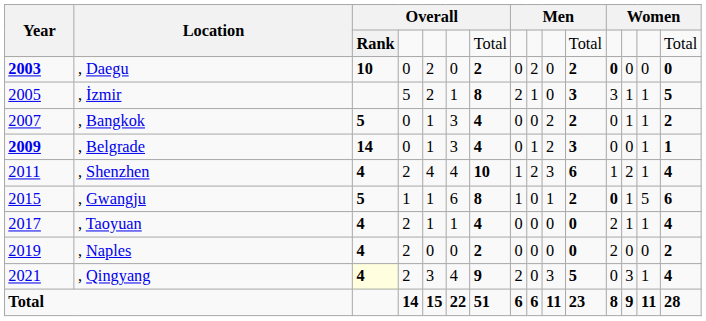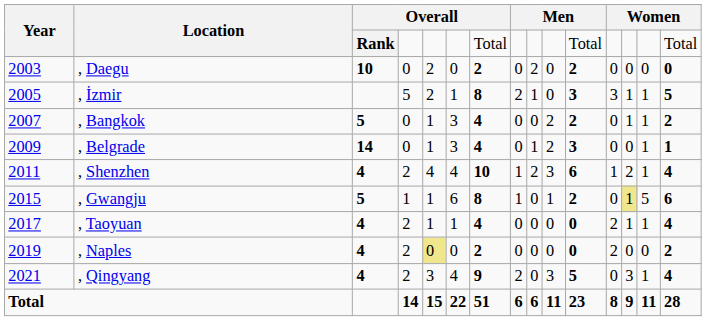 <table class="wikitable">
 <tr>
 <th rowspan=2 width="10%">Year</th>
 <th rowspan=2 width="40%">Location</th>
 <th colspan=5>Overall</th>
 <th colspan=4>Men</th>
 <th colspan=4>Women</th>
 </tr>
 <tr>
 <th>Rank</th>
 <td></td>
 <td></td>
 <td></td>
 <td>Total</td>
 <td></td>
 <td></td>
 <td></td>
 <td>Total</td>
 <td></td>
 <td></td>
 <td></td>
 <td>Total</td>
 </tr>
 <tr>
-<td><strong><a href='#'>2003</a></strong></td>
+<td><a href='#'>2003</a></td>
 <td>, <a href='#'>Daegu</a></td>
 <td><strong>10</strong></td>
 <td>0</td>
 <td>2</td>
 <td>0</td>
 <td><strong>2</strong></td>
 <td>0</td>
 <td>2</td>
 <td>0</td>
 <td><strong>2</strong></td>
-<td><strong>0</strong></td>
+<td>0</td>
 <td>0</td>
 <td>0</td>
 <td><strong>0</strong></td>
 </tr>
 <tr>
 <td><a href='#'>2005</a></td>
 <td>, <a href='#'>İzmir</a></td>
 <td></td>
 <td>5</td>
 <td>2</td>
 <td>1</td>
 <td><strong>8</strong></td>
 <td>2</td>
 <td>1</td>
 <td>0</td>
 <td><strong>3</strong></td>
 <td>3</td>
 <td>1</td>
 <td>1</td>
 <td><strong>5</strong></td>
 </tr>
 <tr>
 <td><a href='#'>2007</a></td>
 <td>, <a href='#'>Bangkok</a></td>
 <td><strong>5</strong></td>
 <td>0</td>
 <td>1</td>
 <td>3</td>
 <td><strong>4</strong></td>
 <td>0</td>
 <td>0</td>
 <td>2</td>
 <td><strong>2</strong></td>
 <td>0</td>
 <td>1</td>
 <td>1</td>
 <td><strong>2</strong></td>
 </tr>
 <tr>
-<td><strong><a href='#'>2009</a></strong></td>
+<td><a href='#'>2009</a></td>
 <td>, <a href='#'>Belgrade</a></td>
 <td><strong>14</strong></td>
 <td>0</td>
 <td>1</td>
 <td>3</td>
 <td><strong>4</strong></td>
 <td>0</td>
 <td>1</td>
 <td>2</td>
 <td><strong>3</strong></td>
 <td>0</td>
 <td>0</td>
 <td>1</td>
 <td><strong>1</strong></td>
 </tr>
 <tr>
 <td><a href='#'>2011</a></td>
 <td>, <a href='#'>Shenzhen</a></td>
 <td><strong>4</strong></td>
 <td>2</td>
 <td>4</td>
 <td>4</td>
 <td><strong>10</strong></td>
 <td>1</td>
 <td>2</td>
 <td>3</td>
 <td><strong>6</strong></td>
 <td>1</td>
 <td>2</td>
 <td>1</td>
 <td><strong>4</strong></td>
 </tr>
 <tr>
 <td><a href='#'>2015</a></td>
 <td>, <a href='#'>Gwangju</a></td>
 <td><strong>5</strong></td>
 <td>1</td>
 <td>1</td>
 <td>6</td>
 <td><strong>8</strong></td>
 <td>1</td>
 <td>0</td>
 <td>1</td>
 <td><strong>2</strong></td>
-<td><strong>0</strong></td>
-<td>1</td>
+<td>0</td>
+<td style="background: khaki;">1</td>
 <td>5</td>
 <td><strong>6</strong></td>
 </tr>
 <tr>
 <td><a href='#'>2017</a></td>
 <td>, <a href='#'>Taoyuan</a></td>
 <td><strong>4</strong></td>
 <td>2</td>
 <td>1</td>
 <td>1</td>
 <td><strong>4</strong></td>
 <td>0</td>
 <td>0</td>
 <td>0</td>
 <td><strong>0</strong></td>
 <td>2</td>
 <td>1</td>
 <td>1</td>
 <td><strong>4</strong></td>
 </tr>
 <tr>
 <td><a href='#'>2019</a></td>
 <td>, <a href='#'>Naples</a></td>
 <td><strong>4</strong></td>
 <td>2</td>
-<td>0</td>
+<td style="background: khaki;">0</td>
 <td>0</td>
 <td><strong>2</strong></td>
 <td>0</td>
 <td>0</td>
 <td>0</td>
 <td><strong>0</strong></td>
 <td>2</td>
 <td>0</td>
 <td>0</td>
 <td><strong>2</strong></td>
 </tr>
 <tr>
 <td><a href='#'>2021</a></td>
 <td>, <a href='#'>Qingyang</a></td>
-<td style="background: lightyellow;"><strong>4</strong></td>
+<td><strong>4</strong></td>
 <td>2</td>
 <td>3</td>
 <td>4</td>
 <td><strong>9</strong></td>
 <td>2</td>
 <td>0</td>
 <td>3</td>
 <td><strong>5</strong></td>
 <td>0</td>
 <td>3</td>
 <td>1</td>
 <td><strong>4</strong></td>
 </tr>
 <tr>
 <td colspan=2><strong>Total</strong></td>
 <td></td>
 <td><strong>14</strong></td>
 <td><strong>15</strong></td>
 <td><strong>22</strong></td>
 <td><strong>51</strong></td>
 <td><strong>6</strong></td>
 <td><strong>6</strong></td>
 <td><strong>11</strong></td>
 <td><strong>23</strong></td>
 <td><strong>8</strong></td>
 <td><strong>9</strong></td>
 <td><strong>11</strong></td>
 <td><strong>28</strong></td>
 </tr>
 </table>
